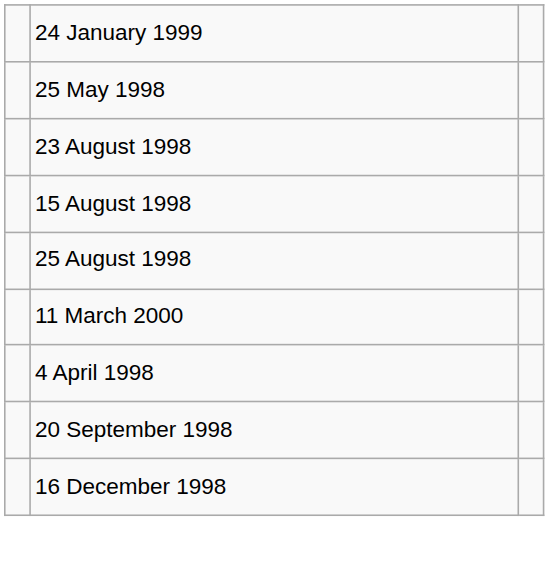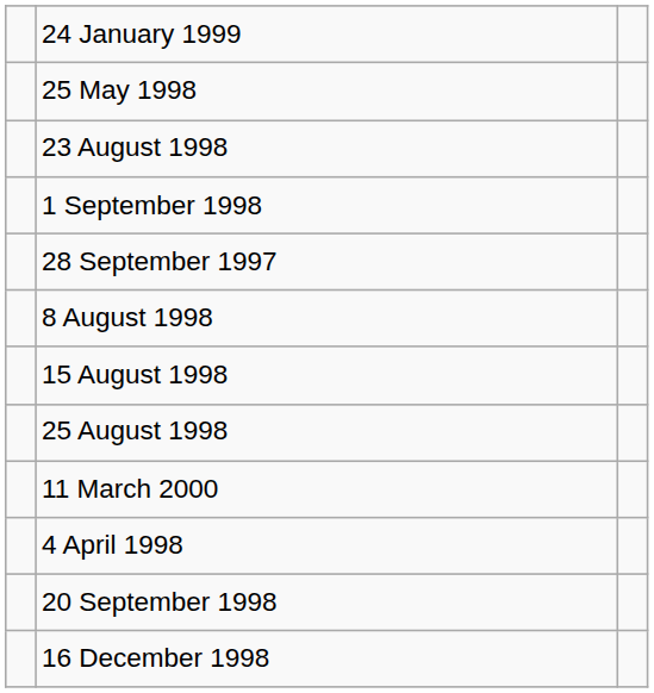 <table class="wikitable" style="font-size: 89%; float: left; width: 24em; margin-right: 1em; line-height: 1.65em !important; height: 324px;">
 <tr>
 <td></td>
 <td>24 January 1999</td>
 <td></td>
 </tr>
 <tr>
 <td></td>
 <td>25 May 1998</td>
 <td></td>
 </tr>
 <tr>
 <td></td>
 <td>23 August 1998</td>
+<td></td>
+</tr>
+<tr>
+<td></td>
+<td>1 September 1998</td>
+<td></td>
+</tr>
+<tr>
+<td></td>
+<td>28 September 1997</td>
+<td></td>
+</tr>
+<tr>
+<td></td>
+<td>8 August 1998</td>
 <td></td>
 </tr>
 <tr>
 <td></td>
 <td>15 August 1998</td>
 <td></td>
 </tr>
 <tr>
 <td></td>
 <td>25 August 1998</td>
 <td></td>
 </tr>
 <tr>
 <td></td>
 <td>11 March 2000</td>
 <td></td>
 </tr>
 <tr>
 <td></td>
 <td>4 April 1998</td>
 <td></td>
 </tr>
 <tr>
 <td></td>
 <td>20 September 1998</td>
 <td></td>
 </tr>
 <tr>
 <td></td>
 <td>16 December 1998</td>
 <td></td>
 </tr>
 </table>
